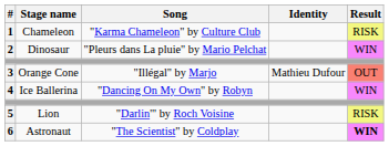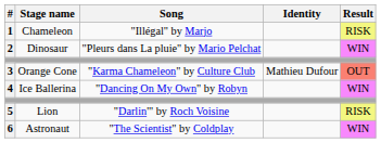 <table class="wikitable plainrowheaders" style="text-align: center;">
 <tr>
 <th>#</th>
 <th>Stage name</th>
 <th>Song</th>
 <th>Identity</th>
 <th>Result</th>
 </tr>
 <tr>
 <th>1</th>
 <td>Chameleon</td>
-<td>"<a href='#'>Karma Chameleon</a>" by <a href='#'>Culture Club</a></td>
+<td>"Illégal" by <a href='#'>Marjo</a></td>
 <td></td>
 <td bgcolor="F3F781">RISK</td>
 </tr>
 <tr>
 <th>2</th>
 <td>Dinosaur</td>
 <td>"Pleurs dans La pluie" by <a href='#'>Mario Pelchat</a></td>
 <td></td>
 <td bgcolor="F888FD">WIN</td>
 </tr>
 <tr>
 <th colspan="5" style="background:darkgrey"></th>
 </tr>
 <tr>
 <th>3</th>
 <td>Orange Cone</td>
-<td>"Illégal" by <a href='#'>Marjo</a></td>
+<td>"<a href='#'>Karma Chameleon</a>" by <a href='#'>Culture Club</a></td>
 <td>Mathieu Dufour</td>
 <td bgcolor="salmon">OUT</td>
 </tr>
 <tr>
 <th>4</th>
 <td>Ice Ballerina</td>
 <td>"<a href='#'>Dancing On My Own</a>" by <a href='#'>Robyn</a></td>
 <td></td>
 <td bgcolor="F888FD">WIN</td>
 </tr>
 <tr>
 <th colspan="5" style="background:darkgrey"></th>
 </tr>
 <tr>
 <th>5</th>
 <td>Lion</td>
 <td>"<a href='#'>Darlin</a>'" by <a href='#'>Roch Voisine</a></td>
 <td></td>
 <td bgcolor="F3F781">RISK</td>
 </tr>
 <tr>
 <th>6</th>
 <td>Astronaut</td>
 <td>"<a href='#'>The Scientist</a>" by <a href='#'>Coldplay</a></td>
 <td></td>
-<td bgcolor="F888FD"><strong>WIN</strong></td>
+<td bgcolor="F888FD">WIN</td>
 </tr>
 </table>
